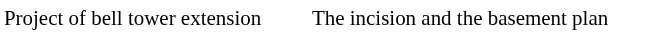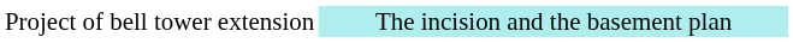 <table class="graytable" style="text-align:center">
 <tr>
 <td width="40%"></td>
 <td width="60%"></td>
 </tr>
 <tr>
 <td>Project of bell tower extension</td>
-<td>The incision and the basement plan</td>
+<td style="background: paleturquoise;">The incision and the basement plan</td>
 </tr>
 </table>
